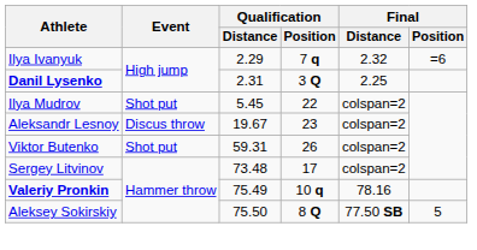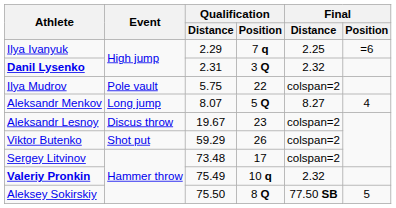 <table class=wikitable style="font-size:90%">
 <tr>
 <th rowspan="2">Athlete</th>
 <th rowspan="2">Event</th>
 <th colspan="2">Qualification</th>
 <th colspan="2">Final</th>
 </tr>
 <tr style="font-size:95%">
 <th>Distance</th>
 <th>Position</th>
 <th>Distance</th>
 <th>Position</th>
 </tr>
 <tr style=text-align:center>
 <td style=text-align:left><a href='#'>Ilya Ivanyuk</a></td>
 <td style=text-align:left rowspan=2><a href='#'>High jump</a></td>
 <td>2.29</td>
 <td>7 <strong>q</strong></td>
-<td>2.32</td>
+<td>2.25</td>
 <td>=6</td>
 </tr>
 <tr style=text-align:center>
 <td style=text-align:left><strong><a href='#'>Danil Lysenko</a></strong></td>
 <td>2.31</td>
 <td>3 <strong>Q</strong></td>
-<td>2.25</td>
+<td>2.32</td>
 <td></td>
 </tr>
 <tr style=text-align:center>
 <td style=text-align:left><a href='#'>Ilya Mudrov</a></td>
-<td style=text-align:left><a href='#'>Shot put</a></td>
-<td>5.45</td>
+<td style=text-align:left><a href='#'>Pole vault</a></td>
+<td>5.75</td>
 <td>22</td>
 <td>colspan=2 </td>
+</tr>
+<tr style=text-align:center>
+<td style=text-align:left><a href='#'>Aleksandr Menkov</a></td>
+<td style=text-align:left><a href='#'>Long jump</a></td>
+<td>8.07</td>
+<td>5 <strong>Q</strong></td>
+<td>8.27</td>
+<td>4</td>
 </tr>
 <tr style=text-align:center>
 <td style=text-align:left><a href='#'>Aleksandr Lesnoy</a></td>
 <td style=text-align:left><a href='#'>Discus throw</a></td>
 <td>19.67</td>
 <td>23</td>
 <td>colspan=2 </td>
 </tr>
 <tr style=text-align:center>
 <td style=text-align:left><a href='#'>Viktor Butenko</a></td>
 <td style=text-align:left><a href='#'>Shot put</a></td>
-<td>59.31</td>
+<td>59.29</td>
 <td>26</td>
 <td>colspan=2 </td>
 </tr>
 <tr style=text-align:center>
 <td style=text-align:left><a href='#'>Sergey Litvinov</a></td>
 <td style=text-align:left rowspan=3><a href='#'>Hammer throw</a></td>
 <td>73.48</td>
 <td>17</td>
 <td>colspan=2 </td>
 </tr>
 <tr style=text-align:center>
 <td style=text-align:left><strong><a href='#'>Valeriy Pronkin</a></strong></td>
 <td>75.49</td>
 <td>10 <strong>q</strong></td>
-<td>78.16</td>
+<td>2.32</td>
 <td></td>
 </tr>
 <tr style=text-align:center>
 <td style=text-align:left><a href='#'>Aleksey Sokirskiy</a></td>
 <td>75.50</td>
 <td>8 <strong>Q</strong></td>
 <td>77.50 <strong>SB</strong></td>
 <td>5</td>
 </tr>
 </table>
